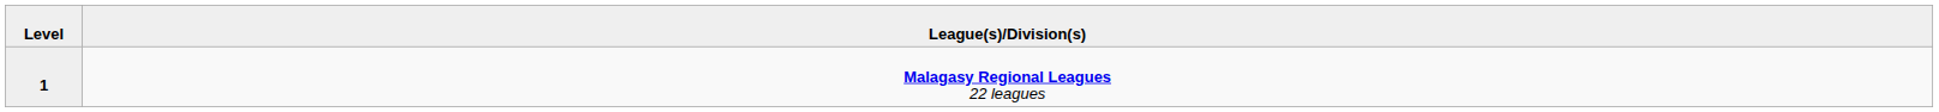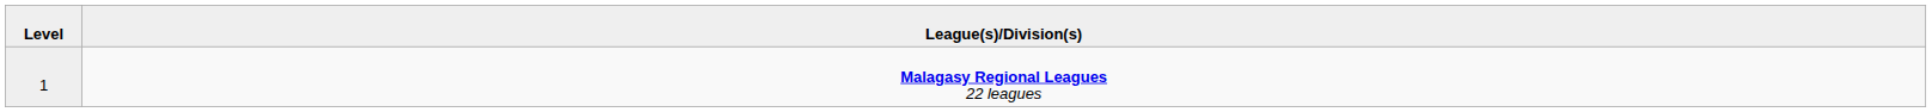 <table class="wikitable" style="text-align:center; width:100%;">
 <tr style="background:#efefef;">
 <td style="width:4%; text-align:center;"><br><strong>Level</strong></td>
 <td colspan="12"  style="width:96%; text-align:center;"><br><strong>League(s)/Division(s)</strong></td>
 </tr>
 <tr>
-<td style="text-align:center; width:4%; background:#efefef;"><strong><br>1</strong></td>
+<td style="text-align:center; width:4%; background:#efefef;"><br>1</td>
 <td colspan="12"  style="width:96%; text-align:center;"><br><strong><a href='#'>Malagasy Regional Leagues</a></strong><br> <em>22 leagues</em><br></td>
 </tr>
 </table>
